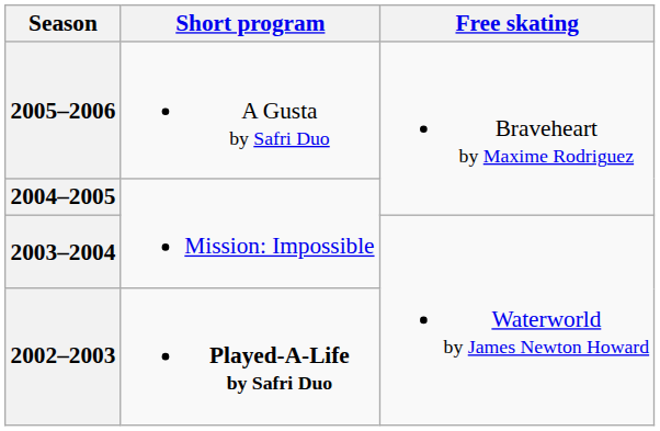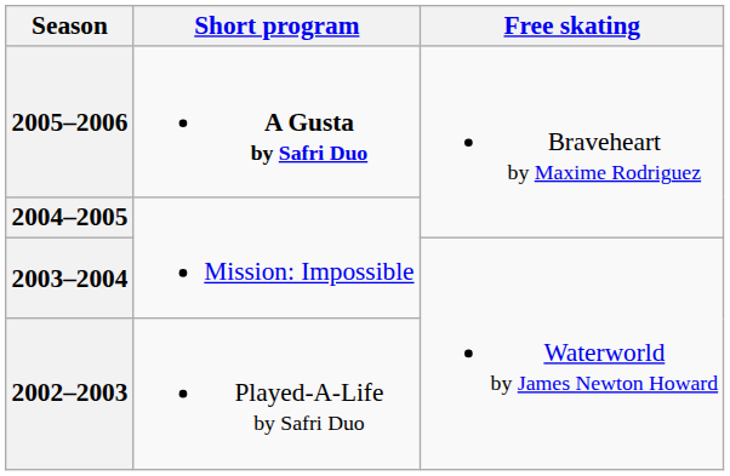 <table class=wikitable style=text-align:center>
 <tr>
 <th>Season</th>
 <th><a href='#'>Short program</a></th>
 <th><a href='#'>Free skating</a></th>
 </tr>
 <tr>
 <th>2005–2006 <br> </th>
-<td><br><ul><li>A Gusta <br><small> by <a href='#'>Safri Duo</a> </small></li></ul></td>
+<td><strong><br><ul><li>A Gusta <br><small> by <a href='#'>Safri Duo</a> </small></li></ul></strong></td>
 <td rowspan=2><br><ul><li>Braveheart <br><small> by <a href='#'>Maxime Rodriguez</a> </small></li></ul></td>
 </tr>
 <tr>
 <th>2004–2005 <br> </th>
 <td rowspan=2><br><ul><li><a href='#'>Mission: Impossible</a></li></ul></td>
 </tr>
 <tr>
 <th>2003–2004 <br> </th>
 <td rowspan=2><br><ul><li><a href='#'>Waterworld</a> <br><small> by <a href='#'>James Newton Howard</a> </small></li></ul></td>
 </tr>
 <tr>
 <th>2002–2003 <br> </th>
-<td><strong><br><ul><li>Played-A-Life <br><small> by Safri Duo </small></li></ul></strong></td>
+<td><br><ul><li>Played-A-Life <br><small> by Safri Duo </small></li></ul></td>
 </tr>
 </table>
